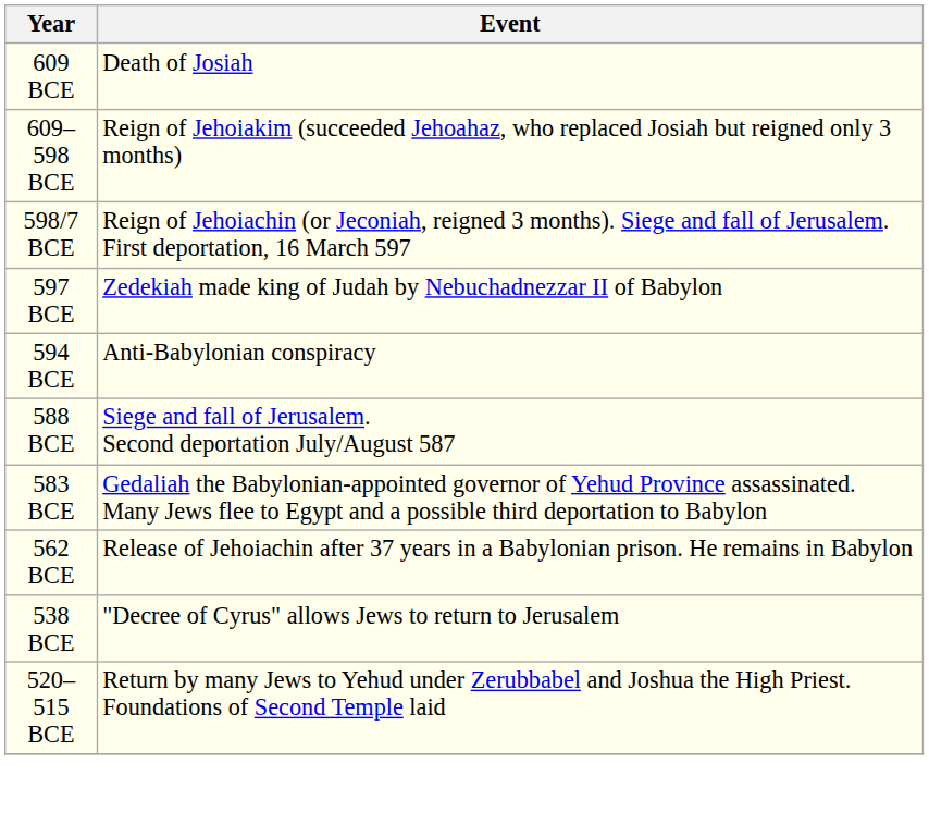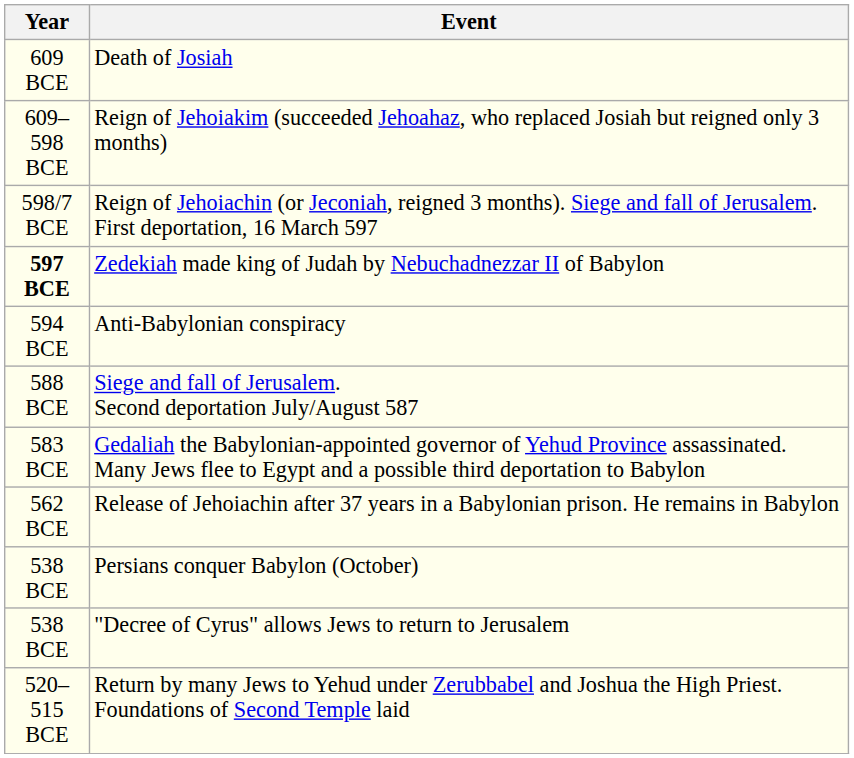 <table class="wikitable" style="align: center;">
 <tr>
 <th width="10%">Year</th>
 <th width="90%">Event</th>
 </tr>
 <tr bgcolor="#ffffec" align="right" valign=top>
 <td align="center">609 BCE</td>
 <td align="left">Death of <a href='#'>Josiah</a></td>
 </tr>
 <tr bgcolor="#ffffec" align="left" valign=top>
 <td align="center">609–598 BCE</td>
 <td align="left">Reign of <a href='#'>Jehoiakim</a> (succeeded <a href='#'>Jehoahaz</a>, who replaced Josiah but reigned only 3 months)</td>
 </tr>
 <tr bgcolor="#ffffec" align="left" valign=top>
 <td align="center">598/7 BCE</td>
 <td align="left">Reign of <a href='#'>Jehoiachin</a> (or <a href='#'>Jeconiah</a>, reigned 3 months). <a href='#'>Siege and fall of Jerusalem</a>.<br>First deportation, 16 March 597</td>
 </tr>
 <tr bgcolor="#ffffec" align="left" valign=top>
-<td align="center">597 BCE</td>
+<td align="center"><strong>597 BCE</strong></td>
 <td align="left"><a href='#'>Zedekiah</a> made king of Judah by <a href='#'>Nebuchadnezzar II</a> of Babylon</td>
 </tr>
 <tr bgcolor="#ffffec" align="left" valign=top>
 <td align="center">594 BCE</td>
 <td align="left">Anti-Babylonian conspiracy</td>
 </tr>
 <tr bgcolor="#ffffec" align="left" valign=top>
 <td align="center">588 BCE</td>
 <td align="left"><a href='#'>Siege and fall of Jerusalem</a>. <br>Second deportation July/August 587</td>
 </tr>
 <tr bgcolor="#ffffec" align="left" valign=top>
 <td align="center">583 BCE</td>
 <td align="left"><a href='#'>Gedaliah</a> the Babylonian-appointed governor of <a href='#'>Yehud Province</a> assassinated. <br>Many Jews flee to Egypt and a possible third deportation to Babylon</td>
 </tr>
 <tr bgcolor="#ffffec" align="left" valign=top>
 <td align="center">562 BCE</td>
 <td align="left">Release of Jehoiachin after 37 years in a Babylonian prison. He remains in Babylon</td>
 </tr>
 <tr bgcolor="#ffffec" align="left" valign=top>
 <td align="center">538 BCE</td>
+<td align="left">Persians conquer Babylon (October)</td>
+</tr>
+<tr bgcolor="#ffffec" align="left" valign=top>
+<td align="center">538 BCE</td>
 <td align="left">"Decree of Cyrus" allows Jews to return to Jerusalem</td>
 </tr>
 <tr bgcolor="#ffffec" align="left" valign=top>
 <td align="center">520–515 BCE</td>
 <td align="left">Return by many Jews to Yehud under <a href='#'>Zerubbabel</a> and Joshua the High Priest.<br> Foundations of <a href='#'>Second Temple</a> laid</td>
 </tr>
 <tr bgcolor="#ffffec" align="left" valign=top>
 </tr>
 </table>
